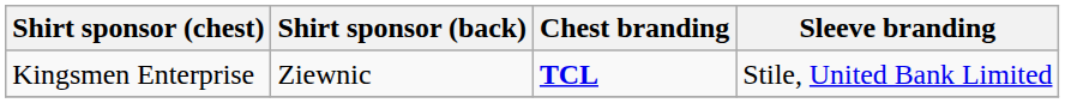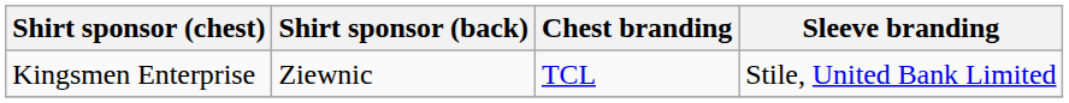 <table class="wikitable">
 <tr>
 <th>Shirt sponsor (chest)</th>
 <th>Shirt sponsor (back)</th>
 <th>Chest branding</th>
 <th>Sleeve branding</th>
 </tr>
 <tr>
 <td>Kingsmen Enterprise</td>
 <td>Ziewnic</td>
-<td><strong><a href='#'>TCL</a></strong></td>
+<td><a href='#'>TCL</a></td>
 <td>Stile, <a href='#'>United Bank Limited</a></td>
 </tr>
 <tr>
 </tr>
 </table>
